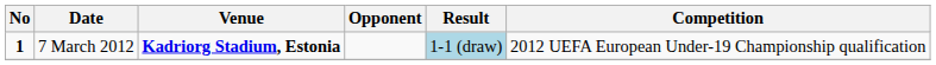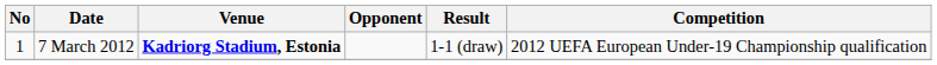 <table class="wikitable">
 <tr>
 <th>No</th>
 <th>Date</th>
 <th>Venue</th>
 <th>Opponent</th>
 <th>Result</th>
 <th>Competition</th>
 </tr>
 <tr>
-<td align=center><strong>1</strong></td>
+<td align=center>1</td>
 <td>7 March 2012</td>
 <td><strong><a href='#'>Kadriorg Stadium</a>, Estonia</strong></td>
 <td></td>
-<td align="center" style="background: lightblue;">1-1 (draw)</td>
+<td align="center">1-1 (draw)</td>
 <td>2012 UEFA European Under-19 Championship qualification</td>
 </tr>
 <tr>
 </tr>
 </table>
